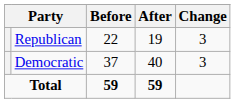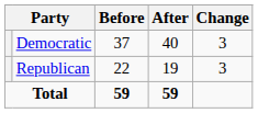 <table class="wikitable" style="text-align:center;">
 <tr>
 </tr>
 <tr>
 <th colspan=2>Party</th>
 <th>Before</th>
 <th>After</th>
 <th>Change</th>
 </tr>
 <tr>
 <th style="background-color:"></th>
-<td style="text-align:left;"><a href='#'>Republican</a></td>
-<td>22</td>
-<td>19</td>
+<td style="text-align:left;"><a href='#'>Democratic</a></td>
+<td>37</td>
+<td>40</td>
 <td> 3</td>
 </tr>
 <tr>
 <th style="background-color:"></th>
-<td style="text-align:left;"><a href='#'>Democratic</a></td>
-<td>37</td>
-<td>40</td>
+<td style="text-align:left;"><a href='#'>Republican</a></td>
+<td>22</td>
+<td>19</td>
 <td> 3</td>
 </tr>
 <tr>
 <td colspan=2><strong>Total</strong></td>
 <td><strong>59</strong></td>
 <td><strong>59</strong></td>
 <td></td>
 </tr>
 </table>
